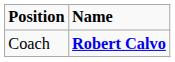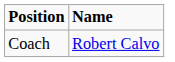 <table class="wikitable">
 <tr>
 <td><strong>Position</strong></td>
 <td><strong>Name</strong></td>
 </tr>
 <tr>
 <td>Coach</td>
-<td><strong> <a href='#'>Robert Calvo</a></strong></td>
+<td> <a href='#'>Robert Calvo</a></td>
 </tr>
 <tr>
 </tr>
 </table>
